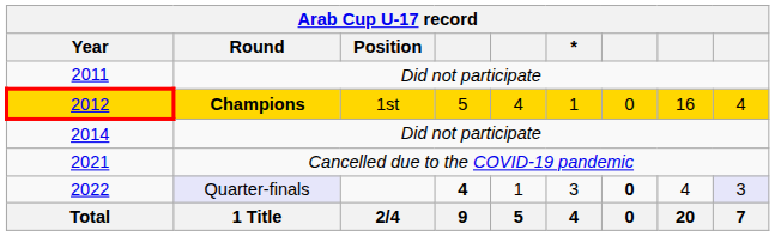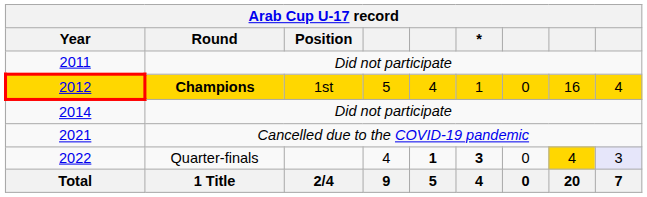 <table class="wikitable" style="font-size:90%; text-align:center;" width="50%">
 <tr>
 <th colspan=9><a href='#'>Arab Cup U-17</a> record</th>
 </tr>
 <tr>
 <th width="15%">Year</th>
 <th width="15%">Round</th>
 <th width="5%">Position</th>
 <th width="5%"></th>
 <th width="5%"></th>
 <th width="5%">*</th>
 <th width="5%"></th>
 <th width="5%"></th>
 <th width="5%"></th>
 </tr>
 <tr>
 <td> <a href='#'>2011</a></td>
 <td colspan=8><em>Did not participate</em></td>
 </tr>
 <tr bgcolor=gold>
 <td style="border: 3px solid red"> <a href='#'>2012</a></td>
 <td><strong>Champions</strong></td>
 <td>1st</td>
 <td>5</td>
 <td>4</td>
 <td>1</td>
 <td>0</td>
 <td>16</td>
 <td>4</td>
 </tr>
 <tr>
 <td> <a href='#'>2014</a></td>
 <td colspan=8><em>Did not participate</em></td>
 </tr>
 <tr>
 <td> <a href='#'>2021</a></td>
 <td colspan=8><em>Cancelled due to the <a href='#'>COVID-19 pandemic</a></em></td>
 </tr>
 <tr>
 <td> <a href='#'>2022</a></td>
-<td style="background: lavender;">Quarter-finals</td>
+<td>Quarter-finals</td>
 <td></td>
-<td><strong>4</strong></td>
-<td>1</td>
-<td>3</td>
-<td><strong>0</strong></td>
 <td>4</td>
+<td><strong>1</strong></td>
+<td><strong>3</strong></td>
+<td>0</td>
+<td style="background: gold;">4</td>
 <td style="background: lavender;">3</td>
 </tr>
 <tr>
 <th>Total</th>
 <th>1 Title</th>
 <th>2/4</th>
 <th>9</th>
 <th>5</th>
 <th>4</th>
 <th>0</th>
 <th>20</th>
 <th>7</th>
 </tr>
 </table>
